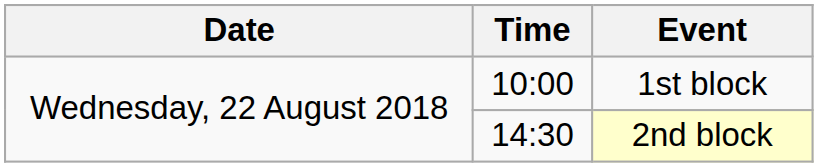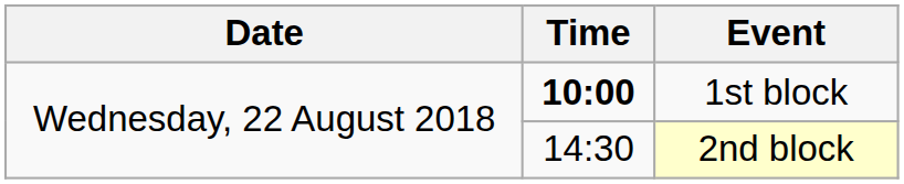 <table class = "wikitable" style="text-align:center;">
 <tr>
 <th width=220>Date</th>
 <th width=50>Time</th>
 <th width=100>Event</th>
 </tr>
 <tr>
 <td rowspan=2>Wednesday, 22 August 2018</td>
-<td>10:00</td>
+<td><strong>10:00</strong></td>
 <td>1st block</td>
 </tr>
 <tr>
 <td>14:30</td>
 <td bgcolor=ffffcc>2nd block</td>
 </tr>
 </table>
